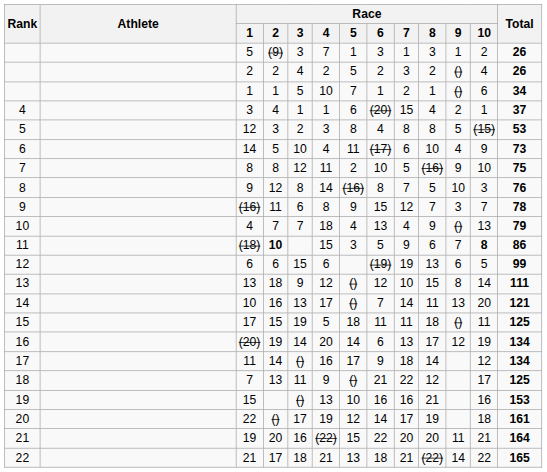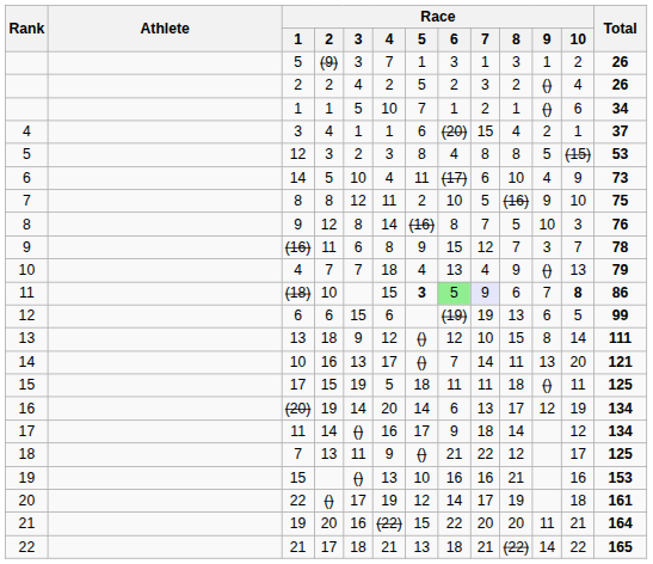 <table class="wikitable" style="text-align:center">
 <tr>
 <th rowspan="2" width=40>Rank</th>
 <th rowspan="2" width=250>Athlete</th>
 <th colspan="10">Race</th>
 <th rowspan="2" width=50>Total</th>
 </tr>
 <tr>
 <th width=25>1</th>
 <th width=25>2</th>
 <th width=25>3</th>
 <th width=25>4</th>
 <th width=25>5</th>
 <th width=25>6</th>
 <th width=25>7</th>
 <th width=25>8</th>
 <th width=25>9</th>
 <th width=25>10</th>
 </tr>
 <tr>
 <td></td>
 <td align=left></td>
 <td>5</td>
 <td><s>(9)</s></td>
 <td>3</td>
 <td>7</td>
 <td>1</td>
 <td>3</td>
 <td>1</td>
 <td>3</td>
 <td>1</td>
 <td>2</td>
 <td><strong>26</strong></td>
 </tr>
 <tr>
 <td></td>
 <td align=left></td>
 <td>2</td>
 <td>2</td>
 <td>4</td>
 <td>2</td>
 <td>5</td>
 <td>2</td>
 <td>3</td>
 <td>2</td>
 <td><s>()</s></td>
 <td>4</td>
 <td><strong>26</strong></td>
 </tr>
 <tr>
 <td></td>
 <td align=left></td>
 <td>1</td>
 <td>1</td>
 <td>5</td>
 <td>10</td>
 <td>7</td>
 <td>1</td>
 <td>2</td>
 <td>1</td>
 <td><s>()</s></td>
 <td>6</td>
 <td><strong>34</strong></td>
 </tr>
 <tr>
 <td>4</td>
 <td align=left></td>
 <td>3</td>
 <td>4</td>
 <td>1</td>
 <td>1</td>
 <td>6</td>
 <td><s>(20)</s></td>
 <td>15</td>
 <td>4</td>
 <td>2</td>
 <td>1</td>
 <td><strong>37</strong></td>
 </tr>
 <tr>
 <td>5</td>
 <td align=left></td>
 <td>12</td>
 <td>3</td>
 <td>2</td>
 <td>3</td>
 <td>8</td>
 <td>4</td>
 <td>8</td>
 <td>8</td>
 <td>5</td>
 <td><s>(15)</s></td>
 <td><strong>53</strong></td>
 </tr>
 <tr>
 <td>6</td>
 <td align=left></td>
 <td>14</td>
 <td>5</td>
 <td>10</td>
 <td>4</td>
 <td>11</td>
 <td><s>(17)</s></td>
 <td>6</td>
 <td>10</td>
 <td>4</td>
 <td>9</td>
 <td><strong>73</strong></td>
 </tr>
 <tr>
 <td>7</td>
 <td align=left></td>
 <td>8</td>
 <td>8</td>
 <td>12</td>
 <td>11</td>
 <td>2</td>
 <td>10</td>
 <td>5</td>
 <td><s>(16)</s></td>
 <td>9</td>
 <td>10</td>
 <td><strong>75</strong></td>
 </tr>
 <tr>
 <td>8</td>
 <td align=left></td>
 <td>9</td>
 <td>12</td>
 <td>8</td>
 <td>14</td>
 <td><s>(16)</s></td>
 <td>8</td>
 <td>7</td>
 <td>5</td>
 <td>10</td>
 <td>3</td>
 <td><strong>76</strong></td>
 </tr>
 <tr>
 <td>9</td>
 <td align=left></td>
 <td><s>(16)</s></td>
 <td>11</td>
 <td>6</td>
 <td>8</td>
 <td>9</td>
 <td>15</td>
 <td>12</td>
 <td>7</td>
 <td>3</td>
 <td>7</td>
 <td><strong>78</strong></td>
 </tr>
 <tr>
 <td>10</td>
 <td align=left></td>
 <td>4</td>
 <td>7</td>
 <td>7</td>
 <td>18</td>
 <td>4</td>
 <td>13</td>
 <td>4</td>
 <td>9</td>
 <td><s>()</s></td>
 <td>13</td>
 <td><strong>79</strong></td>
 </tr>
 <tr>
 <td>11</td>
 <td align=left></td>
 <td><s>(18)</s></td>
-<td><strong>10</strong></td>
+<td>10</td>
 <td></td>
 <td>15</td>
-<td>3</td>
-<td>5</td>
-<td>9</td>
+<td><strong>3</strong></td>
+<td style="background: lightgreen;">5</td>
+<td style="background: lavender;">9</td>
 <td>6</td>
 <td>7</td>
 <td><strong>8</strong></td>
 <td><strong>86</strong></td>
 </tr>
 <tr>
 <td>12</td>
 <td align=left></td>
 <td>6</td>
 <td>6</td>
 <td>15</td>
 <td>6</td>
 <td></td>
 <td><s>(19)</s></td>
 <td>19</td>
 <td>13</td>
 <td>6</td>
 <td>5</td>
 <td><strong>99</strong></td>
 </tr>
 <tr>
 <td>13</td>
 <td align=left></td>
 <td>13</td>
 <td>18</td>
 <td>9</td>
 <td>12</td>
 <td><s>()</s></td>
 <td>12</td>
 <td>10</td>
 <td>15</td>
 <td>8</td>
 <td>14</td>
 <td><strong>111</strong></td>
 </tr>
 <tr>
 <td>14</td>
 <td align=left></td>
 <td>10</td>
 <td>16</td>
 <td>13</td>
 <td>17</td>
 <td><s>()</s></td>
 <td>7</td>
 <td>14</td>
 <td>11</td>
 <td>13</td>
 <td>20</td>
 <td><strong>121</strong></td>
 </tr>
 <tr>
 <td>15</td>
 <td align=left></td>
 <td>17</td>
 <td>15</td>
 <td>19</td>
 <td>5</td>
 <td>18</td>
 <td>11</td>
 <td>11</td>
 <td>18</td>
 <td><s>()</s></td>
 <td>11</td>
 <td><strong>125</strong></td>
 </tr>
 <tr>
 <td>16</td>
 <td align=left></td>
 <td><s>(20)</s></td>
 <td>19</td>
 <td>14</td>
 <td>20</td>
 <td>14</td>
 <td>6</td>
 <td>13</td>
 <td>17</td>
 <td>12</td>
 <td>19</td>
 <td><strong>134</strong></td>
 </tr>
 <tr>
 <td>17</td>
 <td align=left></td>
 <td>11</td>
 <td>14</td>
 <td><s>()</s></td>
 <td>16</td>
 <td>17</td>
 <td>9</td>
 <td>18</td>
 <td>14</td>
 <td></td>
 <td>12</td>
 <td><strong>134</strong></td>
 </tr>
 <tr>
 <td>18</td>
 <td align=left></td>
 <td>7</td>
 <td>13</td>
 <td>11</td>
 <td>9</td>
 <td><s>()</s></td>
 <td>21</td>
 <td>22</td>
 <td>12</td>
 <td></td>
 <td>17</td>
 <td><strong>125</strong></td>
 </tr>
 <tr>
 <td>19</td>
 <td align=left></td>
 <td>15</td>
 <td></td>
 <td><s>()</s></td>
 <td>13</td>
 <td>10</td>
 <td>16</td>
 <td>16</td>
 <td>21</td>
 <td></td>
 <td>16</td>
 <td><strong>153</strong></td>
 </tr>
 <tr>
 <td>20</td>
 <td align=left></td>
 <td>22</td>
 <td><s>()</s></td>
 <td>17</td>
 <td>19</td>
 <td>12</td>
 <td>14</td>
 <td>17</td>
 <td>19</td>
 <td></td>
 <td>18</td>
 <td><strong>161</strong></td>
 </tr>
 <tr>
 <td>21</td>
 <td align=left></td>
 <td>19</td>
 <td>20</td>
 <td>16</td>
 <td><s>(22)</s></td>
 <td>15</td>
 <td>22</td>
 <td>20</td>
 <td>20</td>
 <td>11</td>
 <td>21</td>
 <td><strong>164</strong></td>
 </tr>
 <tr>
 <td>22</td>
 <td align=left></td>
 <td>21</td>
 <td>17</td>
 <td>18</td>
 <td>21</td>
 <td>13</td>
 <td>18</td>
 <td>21</td>
 <td><s>(22)</s></td>
 <td>14</td>
 <td>22</td>
 <td><strong>165</strong></td>
 </tr>
 </table>
